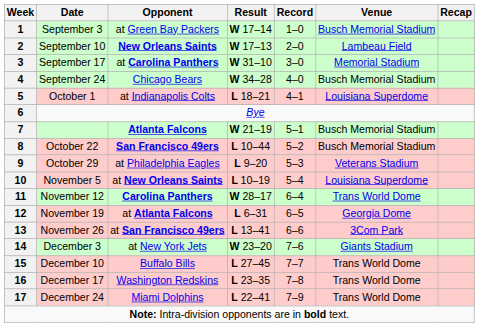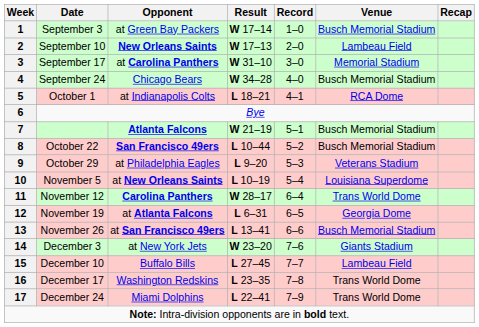 <table class="wikitable" style="text-align:center">
 <tr>
 <th>Week</th>
 <th>Date</th>
 <th>Opponent</th>
 <th>Result</th>
 <th>Record</th>
 <th>Venue</th>
 <th>Recap</th>
 </tr>
 <tr style="background:#cfc">
 <th>1</th>
 <td>September 3</td>
 <td>at <a href='#'>Green Bay Packers</a></td>
 <td><strong>W</strong> 17–14</td>
 <td>1–0</td>
 <td><a href='#'>Busch Memorial Stadium</a></td>
 <td></td>
 </tr>
 <tr style="background:#cfc">
 <th>2</th>
 <td>September 10</td>
 <td><strong><a href='#'>New Orleans Saints</a></strong></td>
 <td><strong>W</strong> 17–13</td>
 <td>2–0</td>
 <td><a href='#'>Lambeau Field</a></td>
 <td></td>
 </tr>
 <tr style="background:#cfc">
 <th>3</th>
 <td>September 17</td>
 <td>at <strong><a href='#'>Carolina Panthers</a></strong></td>
 <td><strong>W</strong> 31–10</td>
 <td>3–0</td>
 <td><a href='#'>Memorial Stadium</a></td>
 <td></td>
 </tr>
 <tr style="background:#cfc">
 <th>4</th>
 <td>September 24</td>
 <td><a href='#'>Chicago Bears</a></td>
 <td><strong>W</strong> 34–28</td>
 <td>4–0</td>
 <td>Busch Memorial Stadium</td>
 <td></td>
 </tr>
 <tr style="background:#fcc">
 <th>5</th>
 <td>October 1</td>
 <td>at <a href='#'>Indianapolis Colts</a></td>
 <td><strong>L</strong> 18–21</td>
 <td>4–1</td>
-<td><a href='#'>Louisiana Superdome</a></td>
+<td><a href='#'>RCA Dome</a></td>
 <td></td>
 </tr>
 <tr align="center">
 <th>6</th>
 <td colspan="6" align="center"><em><a href='#'>Bye</a></em></td>
 </tr>
 <tr style="background:#cfc">
 <th>7</th>
 <td></td>
 <td><strong><a href='#'>Atlanta Falcons</a></strong></td>
 <td><strong>W</strong> 21–19</td>
 <td>5–1</td>
 <td>Busch Memorial Stadium</td>
 <td></td>
 </tr>
 <tr style="background:#fcc">
 <th>8</th>
 <td>October 22</td>
 <td><strong><a href='#'>San Francisco 49ers</a></strong></td>
 <td><strong>L</strong> 10–44</td>
 <td>5–2</td>
 <td>Busch Memorial Stadium</td>
 <td></td>
 </tr>
 <tr style="background:#fcc">
 <th>9</th>
 <td>October 29</td>
 <td>at <a href='#'>Philadelphia Eagles</a></td>
 <td><strong>L</strong> 9–20</td>
 <td>5–3</td>
 <td><a href='#'>Veterans Stadium</a></td>
 <td></td>
 </tr>
 <tr style="background:#fcc">
 <th>10</th>
 <td>November 5</td>
 <td>at <strong><a href='#'>New Orleans Saints</a></strong></td>
 <td><strong>L </strong> 10–19</td>
 <td>5–4</td>
 <td><a href='#'>Louisiana Superdome</a></td>
 <td></td>
 </tr>
 <tr style="background:#cfc">
 <th>11</th>
 <td>November 12</td>
 <td><strong><a href='#'>Carolina Panthers</a></strong></td>
 <td><strong>W</strong> 28–17</td>
 <td>6–4</td>
 <td><a href='#'>Trans World Dome</a></td>
 <td></td>
 </tr>
 <tr style="background:#fcc">
 <th>12</th>
 <td>November 19</td>
 <td>at <strong><a href='#'>Atlanta Falcons</a></strong></td>
 <td><strong>L</strong> 6–31</td>
 <td>6–5</td>
 <td><a href='#'>Georgia Dome</a></td>
 <td></td>
 </tr>
 <tr style="background:#fcc">
 <th>13</th>
 <td>November 26</td>
 <td>at <strong><a href='#'>San Francisco 49ers</a></strong></td>
 <td><strong>L</strong> 13–41</td>
 <td>6–6</td>
-<td><a href='#'>3Com Park</a></td>
+<td><a href='#'>Busch Memorial Stadium</a></td>
 <td></td>
 </tr>
 <tr style="background:#cfc">
 <th>14</th>
 <td>December 3</td>
 <td>at <a href='#'>New York Jets</a></td>
 <td><strong>W</strong> 23–20</td>
 <td>7–6</td>
 <td><a href='#'>Giants Stadium</a></td>
 <td></td>
 </tr>
 <tr style="background:#fcc">
 <th>15</th>
 <td>December 10</td>
 <td><a href='#'>Buffalo Bills</a></td>
 <td><strong>L</strong>  27–45</td>
 <td>7–7</td>
-<td>Trans World Dome</td>
+<td><a href='#'>Lambeau Field</a></td>
 <td></td>
 </tr>
 <tr style="background:#fcc">
 <th>16</th>
 <td>December 17</td>
 <td><a href='#'>Washington Redskins</a></td>
 <td><strong>L</strong>  23–35</td>
 <td>7–8</td>
 <td>Trans World Dome</td>
 <td></td>
 </tr>
 <tr style="background:#fcc">
 <th>17</th>
 <td>December 24</td>
 <td><a href='#'>Miami Dolphins</a></td>
 <td><strong>L</strong> 22–41</td>
 <td>7–9</td>
 <td>Trans World Dome</td>
 <td></td>
 </tr>
 <tr>
 <td colspan="8"><strong>Note:</strong> Intra-division opponents are in <strong>bold</strong> text.</td>
 </tr>
 </table>
